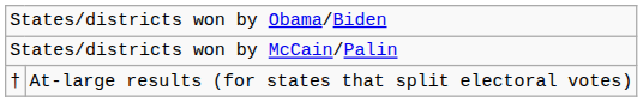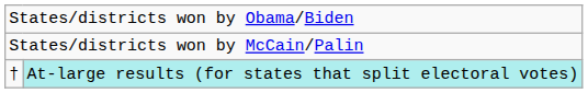 <table class="wikitable" style="font-size:90%;line-height:1.2">
 <tr>
 <td colspan=2>States/districts won by <a href='#'>Obama</a>/<a href='#'>Biden</a></td>
 </tr>
 <tr>
 <td colspan=2>States/districts won by <a href='#'>McCain</a>/<a href='#'>Palin</a></td>
 </tr>
 <tr>
 <td>†</td>
-<td>At-large results (for states that split electoral votes)</td>
+<td style="background: paleturquoise;">At-large results (for states that split electoral votes)</td>
 </tr>
 </table>
